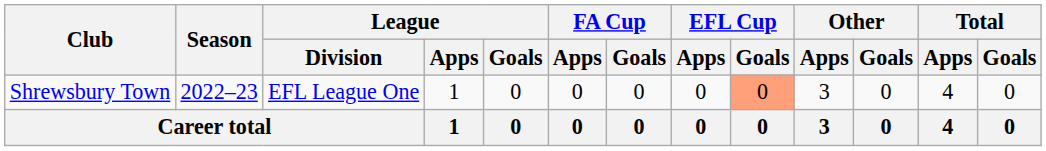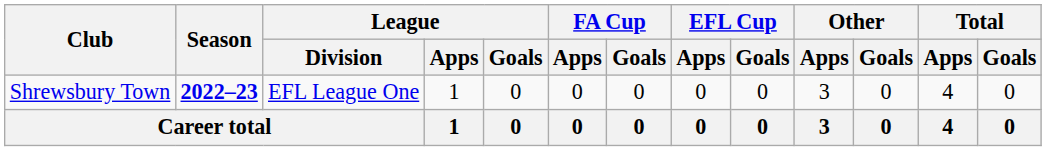 <table class="wikitable" style="text-align:center">
 <tr>
 <th rowspan="2">Club</th>
 <th rowspan="2">Season</th>
 <th colspan="3">League</th>
 <th colspan="2"><a href='#'>FA Cup</a></th>
 <th colspan="2"><a href='#'>EFL Cup</a></th>
 <th colspan="2">Other</th>
 <th colspan="2">Total</th>
 </tr>
 <tr>
 <th>Division</th>
 <th>Apps</th>
 <th>Goals</th>
 <th>Apps</th>
 <th>Goals</th>
 <th>Apps</th>
 <th>Goals</th>
 <th>Apps</th>
 <th>Goals</th>
 <th>Apps</th>
 <th>Goals</th>
 </tr>
 <tr>
 <td><a href='#'>Shrewsbury Town</a></td>
-<td><a href='#'>2022–23</a></td>
+<td><strong><a href='#'>2022–23</a></strong></td>
 <td><a href='#'>EFL League One</a></td>
 <td>1</td>
 <td>0</td>
 <td>0</td>
 <td>0</td>
 <td>0</td>
-<td style="background: lightsalmon;">0</td>
+<td>0</td>
 <td>3</td>
 <td>0</td>
 <td>4</td>
 <td>0</td>
 </tr>
 <tr>
 <th colspan="3">Career total</th>
 <th>1</th>
 <th>0</th>
 <th>0</th>
 <th>0</th>
 <th>0</th>
 <th>0</th>
 <th>3</th>
 <th>0</th>
 <th>4</th>
 <th>0</th>
 </tr>
 </table>
